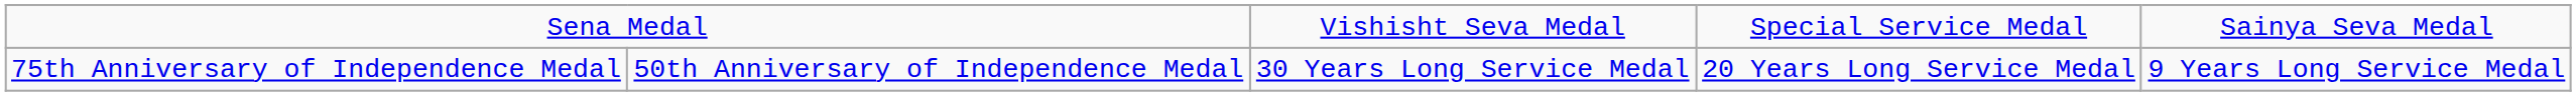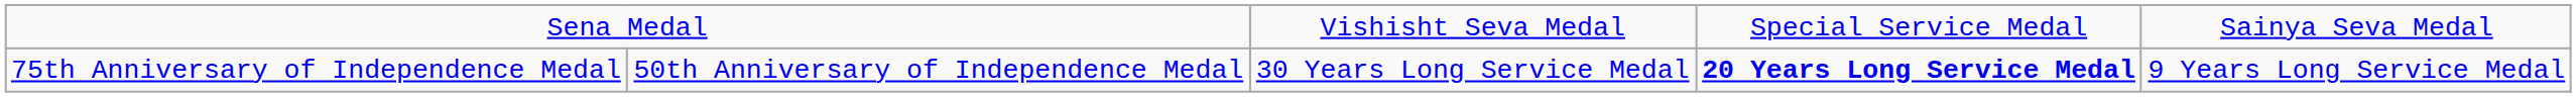 <table class="wikitable" style="margin:1em auto; text-align:center;">
 <tr>
 <td colspan="2"><a href='#'>Sena Medal</a></td>
 <td colspan="1"><a href='#'>Vishisht Seva Medal</a></td>
 <td><a href='#'>Special Service Medal</a></td>
 <td><a href='#'>Sainya Seva Medal</a></td>
 </tr>
 <tr>
 <td><a href='#'>75th Anniversary of Independence Medal</a></td>
 <td><a href='#'>50th Anniversary of Independence Medal</a></td>
 <td><a href='#'>30 Years Long Service Medal</a></td>
-<td><a href='#'>20 Years Long Service Medal</a></td>
+<td><strong><a href='#'>20 Years Long Service Medal</a></strong></td>
 <td><a href='#'>9 Years Long Service Medal</a></td>
 </tr>
 </table>
